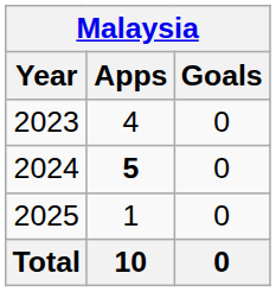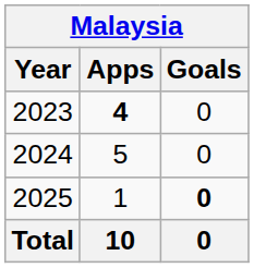 <table class=wikitable style=text-align:center>
 <tr>
 <th colspan=4><a href='#'>Malaysia</a></th>
 </tr>
 <tr>
 <th>Year</th>
 <th>Apps</th>
 <th>Goals</th>
 </tr>
 <tr>
 <td>2023</td>
-<td>4</td>
+<td><strong>4</strong></td>
 <td>0</td>
 </tr>
 <tr>
 <td>2024</td>
-<td><strong>5</strong></td>
+<td>5</td>
 <td>0</td>
 </tr>
 <tr>
 <td>2025</td>
 <td>1</td>
-<td>0</td>
+<td><strong>0</strong></td>
 </tr>
 <tr>
 <th colspan=1>Total</th>
 <th>10</th>
 <th>0</th>
 </tr>
 </table>
